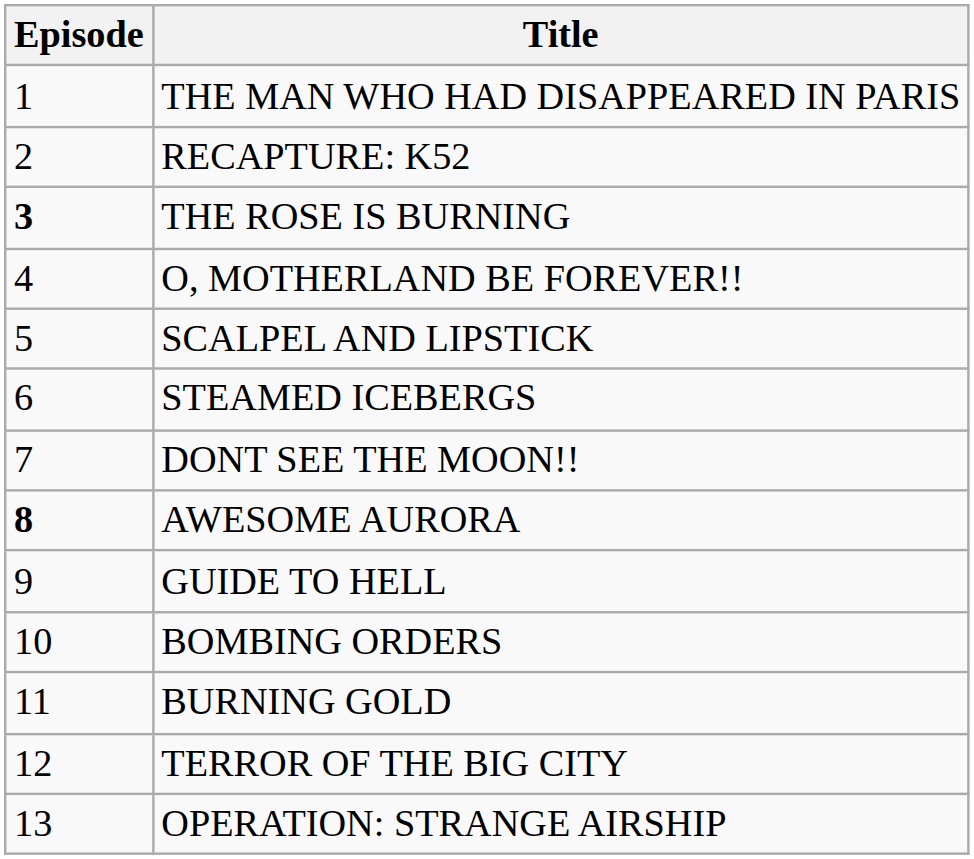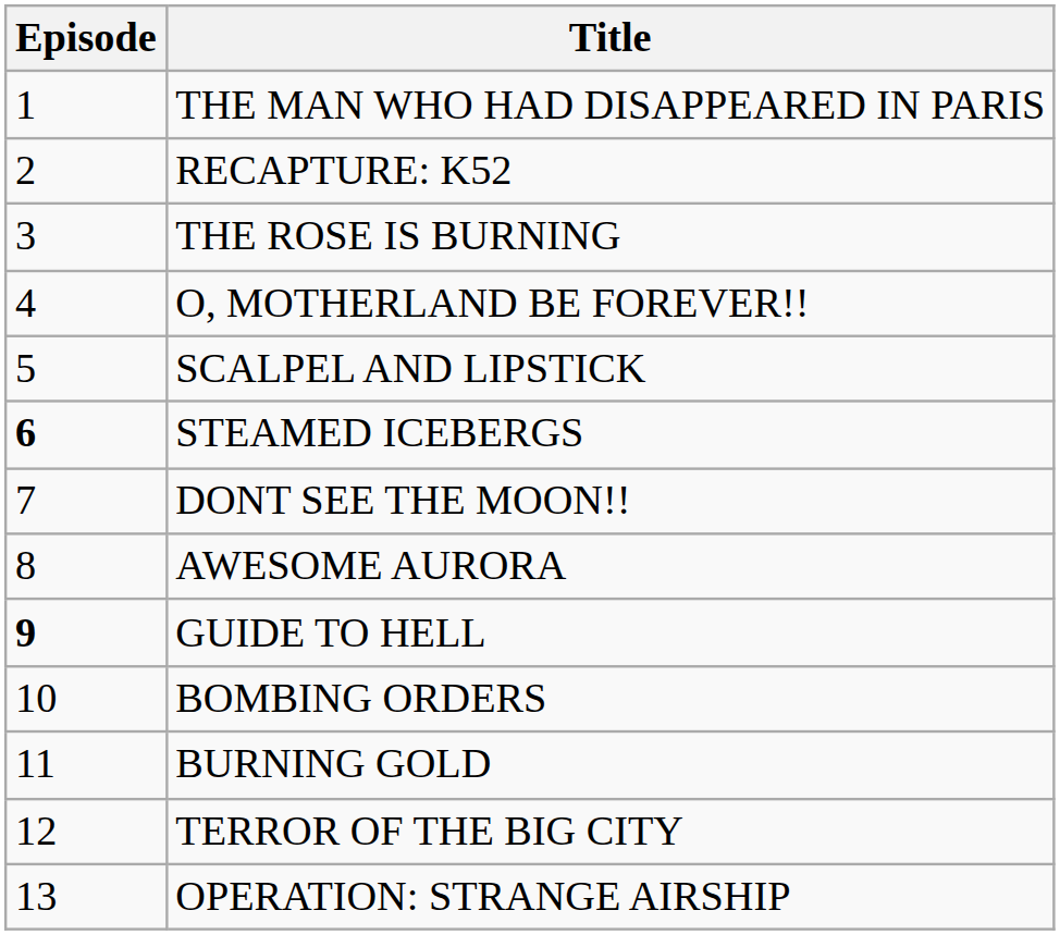 <table class="wikitable">
 <tr>
 <th>Episode</th>
 <th>Title</th>
 </tr>
 <tr>
 <td>1</td>
 <td>THE MAN WHO HAD DISAPPEARED IN PARIS</td>
 </tr>
 <tr>
 <td>2</td>
 <td>RECAPTURE: K52</td>
 </tr>
 <tr>
-<td><strong>3</strong></td>
+<td>3</td>
 <td>THE ROSE IS BURNING</td>
 </tr>
 <tr>
 <td>4</td>
 <td>O, MOTHERLAND BE FOREVER!!</td>
 </tr>
 <tr>
 <td>5</td>
 <td>SCALPEL AND LIPSTICK</td>
 </tr>
 <tr>
-<td>6</td>
+<td><strong>6</strong></td>
 <td>STEAMED ICEBERGS</td>
 </tr>
 <tr>
 <td>7</td>
 <td>DONT SEE THE MOON!!</td>
 </tr>
 <tr>
-<td><strong>8</strong></td>
+<td>8</td>
 <td>AWESOME AURORA</td>
 </tr>
 <tr>
-<td>9</td>
+<td><strong>9</strong></td>
 <td>GUIDE TO HELL</td>
 </tr>
 <tr>
 <td>10</td>
 <td>BOMBING ORDERS</td>
 </tr>
 <tr>
 <td>11</td>
 <td>BURNING GOLD</td>
 </tr>
 <tr>
 <td>12</td>
 <td>TERROR OF THE BIG CITY</td>
 </tr>
 <tr>
 <td>13</td>
 <td>OPERATION: STRANGE AIRSHIP</td>
 </tr>
 </table>
